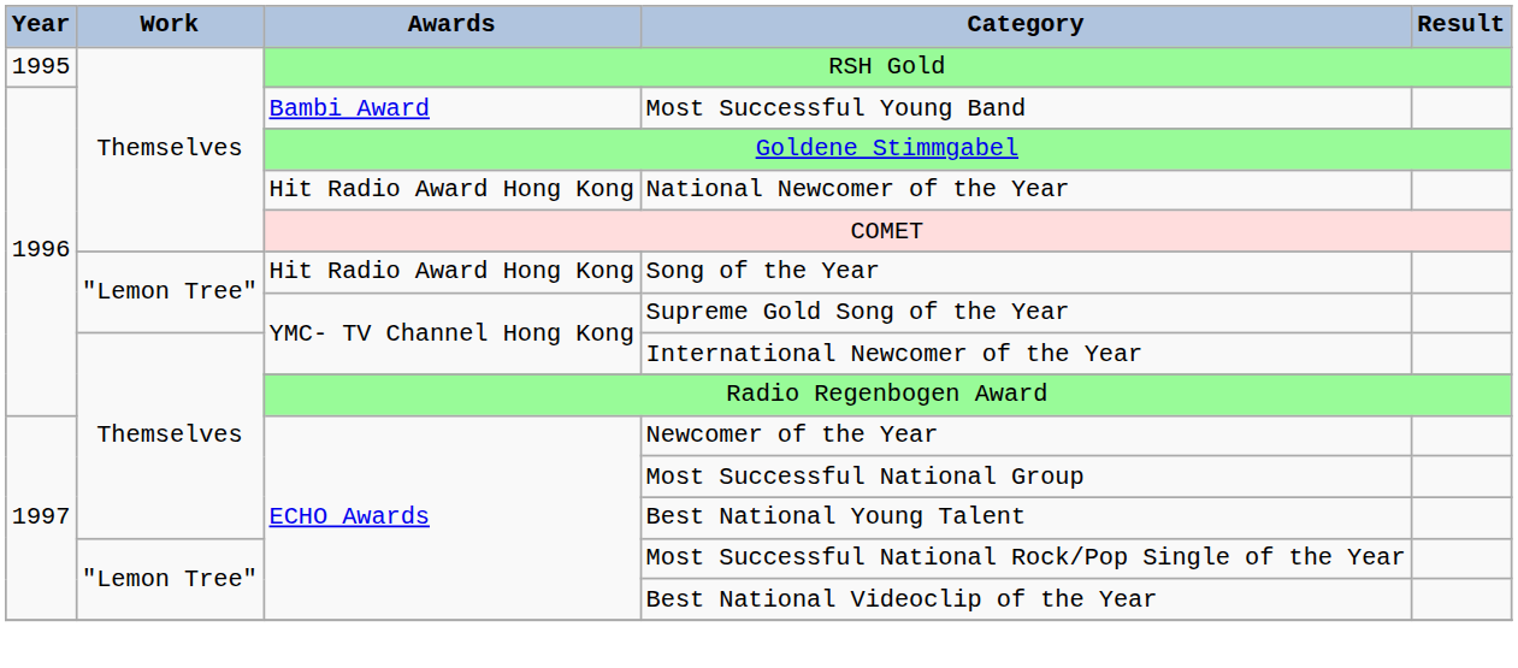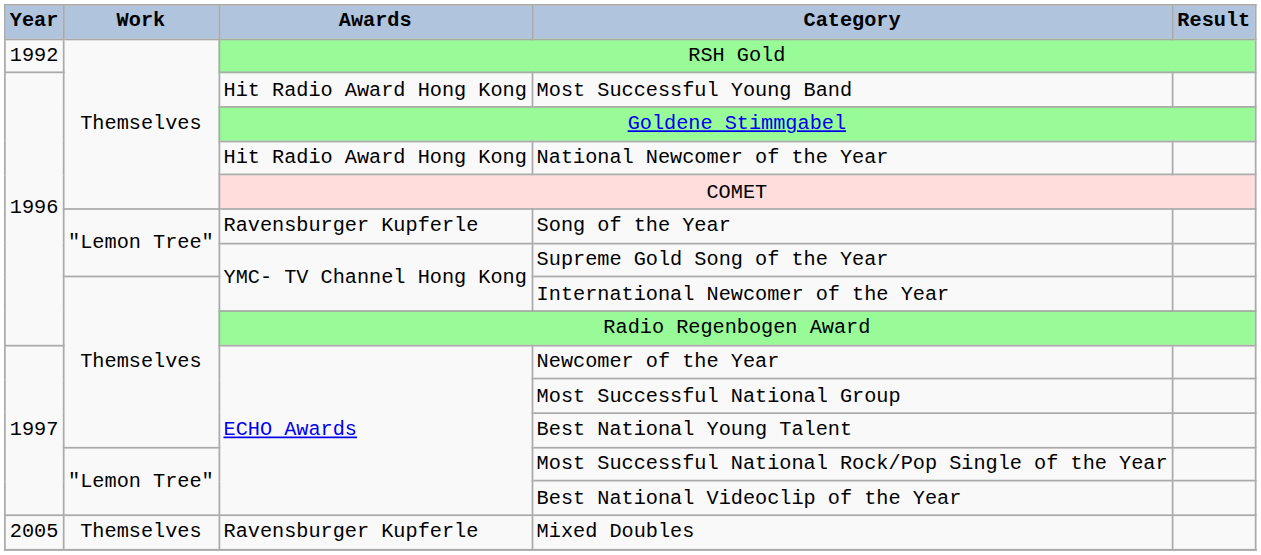 <table class="wikitable" style="font-size: 90%; background: #f9f9f9">
 <tr align="center">
 <th style="background:#B0C4DE;">Year</th>
 <th style="background:#B0C4DE;">Work</th>
 <th style="background:#B0C4DE;">Awards</th>
 <th style="background:#B0C4DE;">Category</th>
 <th style="background:#B0C4DE;">Result</th>
 </tr>
 <tr>
-<td>1995</td>
+<td>1992</td>
 <td rowspan="5" align="center">Themselves</td>
 <td colspan="3" align="center" style="background: #98FB98">RSH Gold</td>
 </tr>
 <tr>
 <td rowspan="8">1996</td>
-<td><a href='#'>Bambi Award</a></td>
+<td>Hit Radio Award Hong Kong</td>
 <td>Most Successful Young Band</td>
 <td></td>
 </tr>
 <tr>
 <td colspan="3" align="center" style="background: #98FB98"><a href='#'>Goldene Stimmgabel</a></td>
 </tr>
 <tr>
 <td>Hit Radio Award Hong Kong</td>
 <td>National Newcomer of the Year</td>
 <td></td>
 </tr>
 <tr>
 <td colspan="3" align="center" style="background: #FDD">COMET</td>
 </tr>
 <tr>
 <td rowspan="2" align="center">"Lemon Tree"</td>
-<td>Hit Radio Award Hong Kong</td>
+<td>Ravensburger Kupferle</td>
 <td>Song of the Year</td>
 <td></td>
 </tr>
 <tr>
 <td rowspan="2">YMC- TV Channel Hong Kong</td>
 <td>Supreme Gold Song of the Year</td>
 <td></td>
 </tr>
 <tr>
 <td rowspan="5" align="center">Themselves</td>
 <td>International Newcomer of the Year</td>
 <td></td>
 </tr>
 <tr>
 <td colspan="3" align="center" style="background: #98FB98">Radio Regenbogen Award</td>
 </tr>
 <tr>
 <td rowspan="5">1997</td>
 <td rowspan="5"><a href='#'>ECHO Awards</a></td>
 <td>Newcomer of the Year</td>
 <td></td>
 </tr>
 <tr>
 <td>Most Successful National Group</td>
 <td></td>
 </tr>
 <tr>
 <td>Best National Young Talent</td>
 <td></td>
 </tr>
 <tr>
 <td rowspan="2" align="center">"Lemon Tree"</td>
 <td>Most Successful National Rock/Pop Single of the Year</td>
 <td></td>
 </tr>
 <tr>
 <td>Best National Videoclip of the Year</td>
 <td></td>
 </tr>
 <tr>
+<td>2005</td>
+<td align="center">Themselves</td>
+<td>Ravensburger Kupferle</td>
+<td>Mixed Doubles</td>
+<td></td>
+</tr>
+<tr>
 </tr>
 </table>
